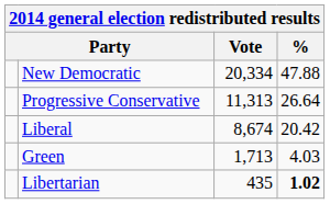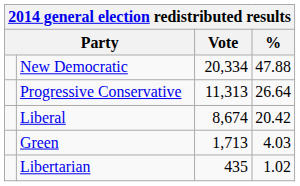 <table class="wikitable">
 <tr>
 <th colspan="4"><a href='#'>2014 general election</a> redistributed results</th>
 </tr>
 <tr>
 <th bgcolor="#DDDDFF" width="130px" colspan="2">Party</th>
 <th bgcolor="#DDDDFF" width="50px">Vote</th>
 <th bgcolor="#DDDDFF" width="30px">%</th>
 </tr>
 <tr>
 <td> </td>
 <td><a href='#'>New Democratic</a></td>
 <td align=right>20,334</td>
 <td align=right>47.88</td>
 </tr>
 <tr>
 <td> </td>
 <td><a href='#'>Progressive Conservative</a></td>
 <td align=right>11,313</td>
 <td align=right>26.64</td>
 </tr>
 <tr>
 <td> </td>
 <td><a href='#'>Liberal</a></td>
 <td align=right>8,674</td>
 <td align=right>20.42</td>
 </tr>
 <tr>
 <td> </td>
 <td><a href='#'>Green</a></td>
 <td align=right>1,713</td>
 <td align=right>4.03</td>
 </tr>
 <tr>
 <td> </td>
 <td><a href='#'>Libertarian</a></td>
 <td align=right>435</td>
-<td align=right><strong>1.02</strong></td>
+<td align=right>1.02</td>
 </tr>
 </table>
